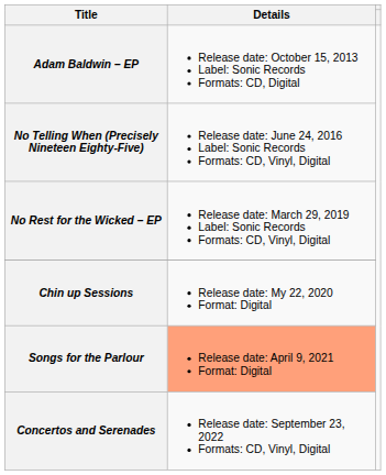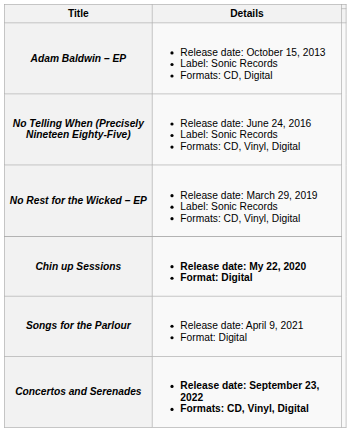 <table class="wikitable">
 <tr>
 <th rowspan="2" style="width:14em;">Title</th>
 <th rowspan="2" style="width:18em;">Details</th>
 <th colspan="1"></th>
 </tr>
 <tr style="font-size:smaller;">
 <th style="width:1px;"><br></th>
 </tr>
 <tr>
 <th scope="row"><em>Adam Baldwin – EP</em></th>
 <td><br><ul><li>Release date: October 15, 2013</li><li>Label: Sonic Records</li><li>Formats: CD, Digital</li></ul></td>
 </tr>
 <tr>
 <th scope="row"><em>No Telling When (Precisely Nineteen Eighty-Five)</em></th>
 <td><br><ul><li>Release date: June 24, 2016</li><li>Label: Sonic Records</li><li>Formats: CD, Vinyl, Digital</li></ul></td>
 </tr>
 <tr>
 <th scope="row"><em>No Rest for the Wicked – EP</em></th>
 <td><br><ul><li>Release date: March 29, 2019</li><li>Label: Sonic Records</li><li>Formats: CD, Vinyl, Digital</li></ul></td>
 </tr>
 <tr>
 </tr>
 <tr>
 <th scope="row"><em>Chin up Sessions</em></th>
-<td><br><ul><li>Release date: My 22, 2020</li><li>Format: Digital</li></ul></td>
+<td><strong><br><ul><li>Release date: My 22, 2020</li><li>Format: Digital</li></ul></strong></td>
 </tr>
 <tr>
 <th scope="row"><em>Songs for the Parlour</em></th>
-<td style="background: lightsalmon;"><br><ul><li>Release date: April 9, 2021</li><li>Format: Digital</li></ul></td>
+<td><br><ul><li>Release date: April 9, 2021</li><li>Format: Digital</li></ul></td>
 </tr>
 <tr>
 <th scope="row"><em>Concertos and Serenades</em></th>
-<td><br><ul><li>Release date: September 23, 2022</li><li>Formats: CD, Vinyl, Digital</li></ul></td>
+<td><strong><br><ul><li>Release date: September 23, 2022</li><li>Formats: CD, Vinyl, Digital</li></ul></strong></td>
 </tr>
 </table>
